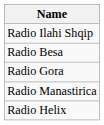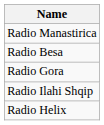 <table class="wikitable sortable">
 <tr>
 <th>Name</th>
 </tr>
 <tr>
-<td>Radio Ilahi Shqip</td>
+<td>Radio Manastirica</td>
 </tr>
 <tr>
 <td>Radio Besa</td>
 </tr>
 <tr>
 <td>Radio Gora</td>
 </tr>
 <tr>
-<td>Radio Manastirica</td>
+<td>Radio Ilahi Shqip</td>
 </tr>
 <tr>
 <td>Radio Helix</td>
 </tr>
 </table>
